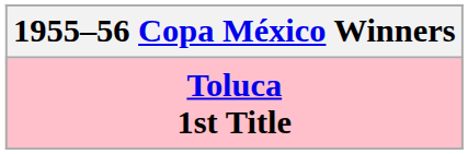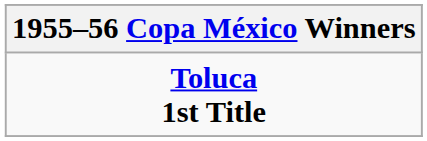 <table class="wikitable" style="text-align: center; margin: 0 auto;">
 <tr>
 <th>1955–56 <a href='#'>Copa México</a> Winners</th>
 </tr>
 <tr>
-<td style="background: pink;"><strong><a href='#'>Toluca</a></strong><br><strong>1st Title</strong></td>
+<td><strong><a href='#'>Toluca</a></strong><br><strong>1st Title</strong></td>
 </tr>
 </table>
